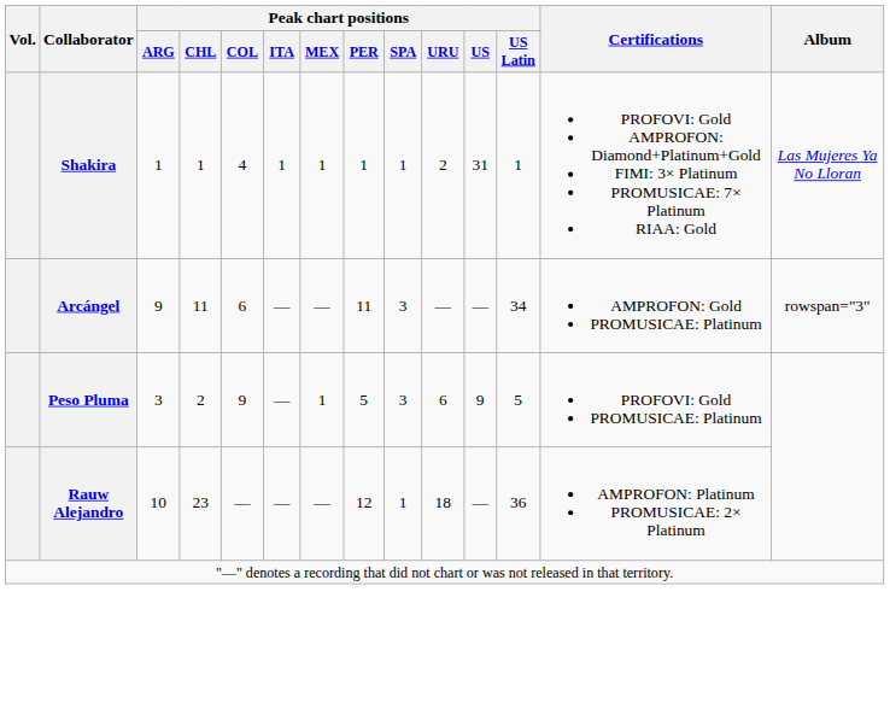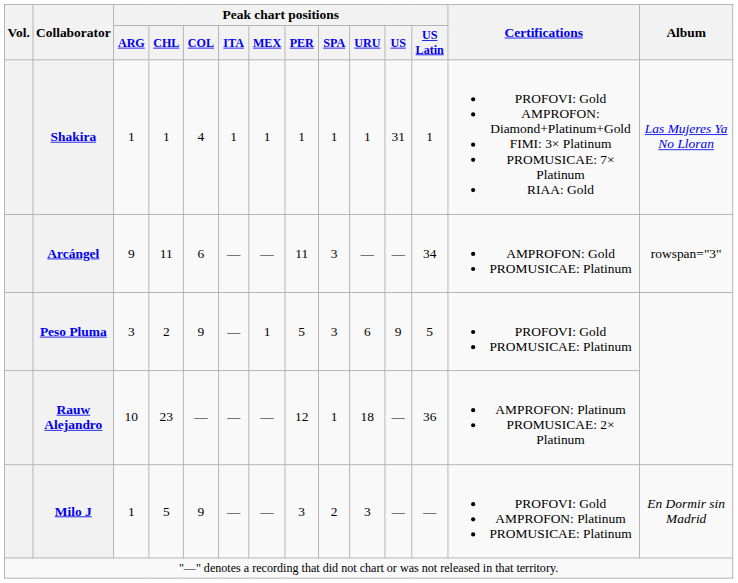 <table class="wikitable plainrowheaders" style="text-align:center;">
 <tr>
 <th scope="col" rowspan="2">Vol.</th>
 <th scope="col" rowspan="2">Collaborator</th>
 <th scope="col" colspan="10">Peak chart positions</th>
 <th scope="col" rowspan="2" style="width:16em;"><a href='#'>Certifications</a></th>
 <th scope="col" rowspan="2" style="width:9.5em;">Album</th>
 </tr>
 <tr>
 <th scope="col" style="width:3em;font-size:90%;"><a href='#'>ARG</a><br></th>
 <th scope="col" style="width:3em;font-size:90%;"><a href='#'>CHL</a><br></th>
 <th scope="col" style="width:3em;font-size:90%;"><a href='#'>COL</a><br></th>
 <th scope="col" style="width:3em;font-size:90%;"><a href='#'>ITA</a><br></th>
 <th scope="col" style="width:3em;font-size:90%;"><a href='#'>MEX</a><br></th>
 <th scope="col" style="width:3em;font-size:90%;"><a href='#'>PER</a><br></th>
 <th scope="col" style="width:3em;font-size:90%;"><a href='#'>SPA</a><br></th>
 <th scope="col" style="width:3em;font-size:90%;"><a href='#'>URU</a><br></th>
 <th scope="col" style="width:3em;font-size:90%;"><a href='#'>US</a><br></th>
 <th scope="col" style="width:3em;font-size:90%;"><a href='#'>US<br>Latin</a><br></th>
 </tr>
 <tr |->
 <th scope="row"></th>
 <th scope="row"><a href='#'>Shakira</a></th>
 <td>1</td>
 <td>1</td>
 <td>4</td>
 <td>1</td>
 <td>1</td>
 <td>1</td>
 <td>1</td>
-<td>2</td>
+<td>1</td>
 <td>31</td>
 <td>1</td>
 <td><br><ul><li>PROFOVI: Gold</li><li>AMPROFON: Diamond+Platinum+Gold</li><li>FIMI: 3× Platinum</li><li>PROMUSICAE: 7× Platinum</li><li>RIAA: Gold</li></ul></td>
 <td><em><a href='#'>Las Mujeres Ya No Lloran</a></em></td>
 </tr>
 <tr>
 <th scope="row"></th>
 <th scope="row"><a href='#'>Arcángel</a></th>
 <td>9</td>
 <td>11</td>
 <td>6</td>
 <td>—</td>
 <td>—</td>
 <td>11</td>
 <td>3</td>
 <td>—</td>
 <td>—</td>
 <td>34</td>
 <td><br><ul><li>AMPROFON: Gold</li><li>PROMUSICAE: Platinum</li></ul></td>
 <td>rowspan="3" </td>
 </tr>
 <tr>
 <th scope="row"></th>
 <th scope="row"><a href='#'>Peso Pluma</a></th>
 <td>3</td>
 <td>2</td>
 <td>9</td>
 <td>—</td>
 <td>1</td>
 <td>5</td>
 <td>3</td>
 <td>6</td>
 <td>9</td>
 <td>5</td>
 <td><br><ul><li>PROFOVI: Gold</li><li>PROMUSICAE: Platinum</li></ul></td>
 </tr>
 <tr>
 <th scope="row"></th>
 <th scope="row"><a href='#'>Rauw Alejandro</a></th>
 <td>10</td>
 <td>23</td>
 <td>—</td>
 <td>—</td>
 <td>—</td>
 <td>12</td>
 <td>1</td>
 <td>18</td>
 <td>—</td>
 <td>36</td>
 <td><br><ul><li>AMPROFON: Platinum</li><li>PROMUSICAE: 2× Platinum</li></ul></td>
 </tr>
 <tr>
+<th scope="row"></th>
+<th scope="row"><a href='#'>Milo J</a></th>
+<td>1</td>
+<td>5</td>
+<td>9</td>
+<td>—</td>
+<td>—</td>
+<td>3</td>
+<td>2</td>
+<td>3</td>
+<td>—</td>
+<td>—</td>
+<td><br><ul><li>PROFOVI: Gold</li><li>AMPROFON: Platinum</li><li>PROMUSICAE: Platinum</li></ul></td>
+<td><em>En Dormir sin Madrid</em></td>
+</tr>
+<tr>
 <td colspan="14" style="font-size:90%">"—" denotes a recording that did not chart or was not released in that territory.</td>
 </tr>
 </table>
